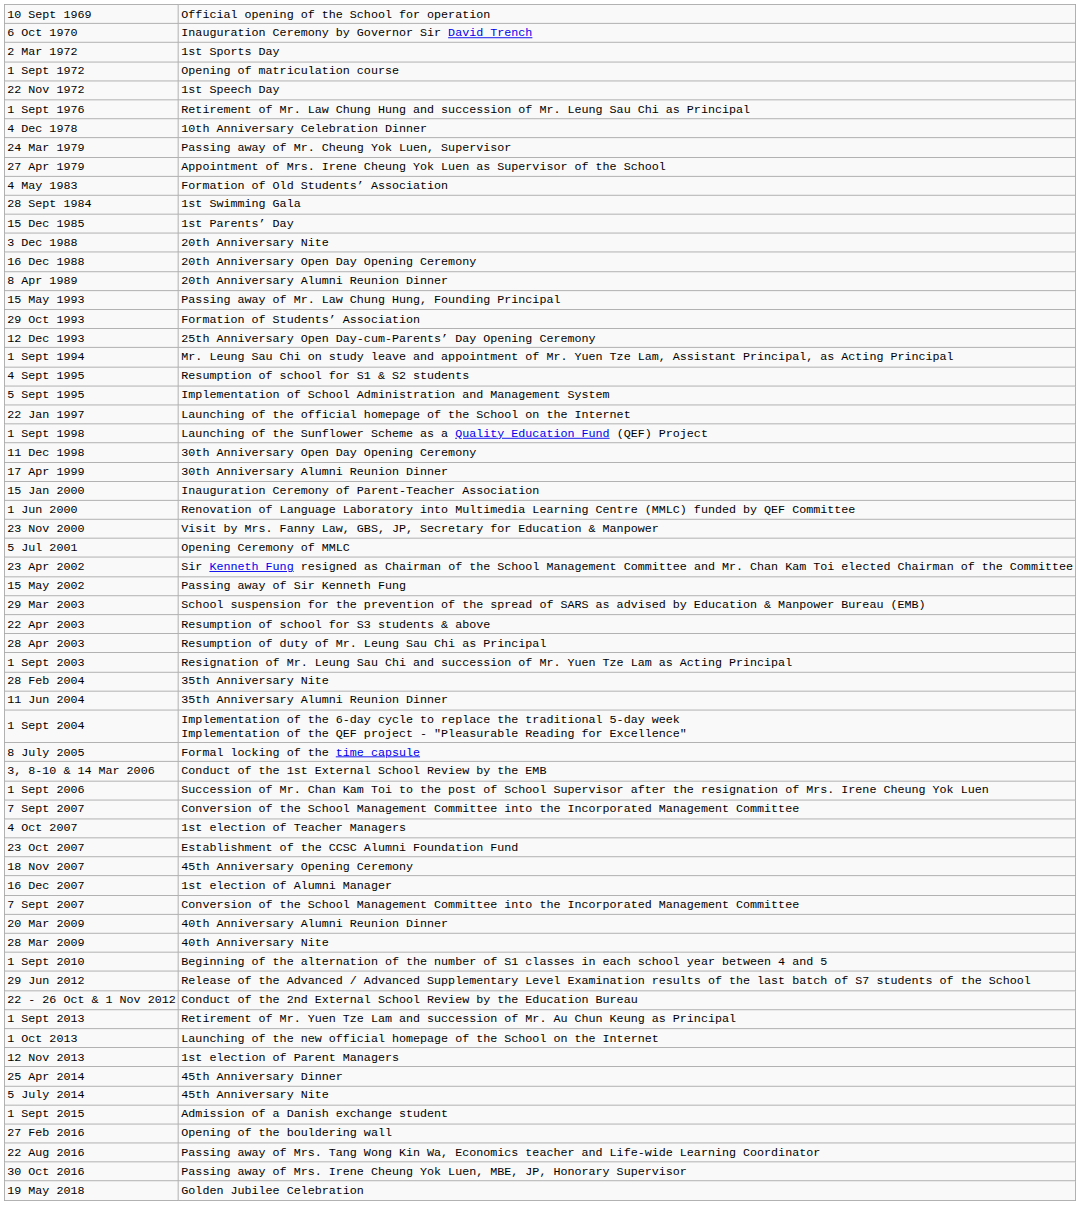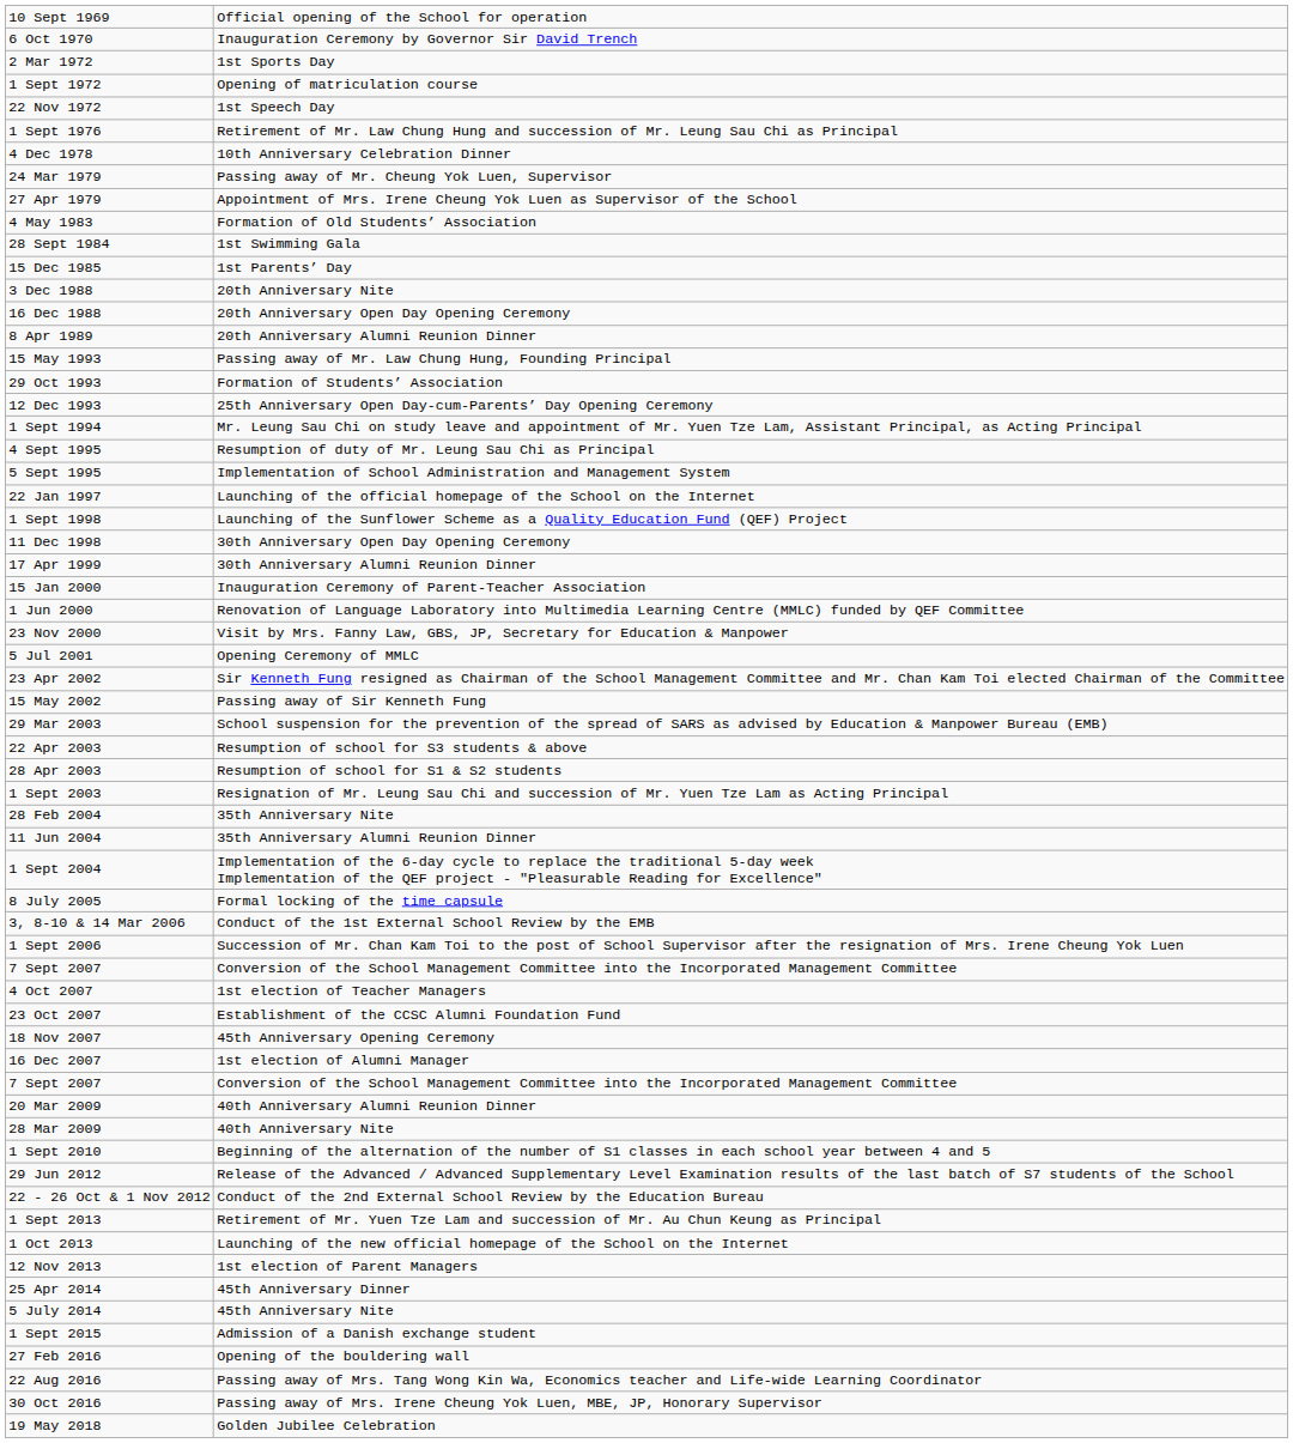 <table class="wikitable">
 <tr>
 <td>10 Sept 1969</td>
 <td>Official opening of the School for operation</td>
 </tr>
 <tr>
 <td>6 Oct 1970</td>
 <td>Inauguration Ceremony by Governor Sir <a href='#'>David Trench</a></td>
 </tr>
 <tr>
 <td>2 Mar 1972</td>
 <td>1st Sports Day</td>
 </tr>
 <tr>
 <td>1 Sept 1972</td>
 <td>Opening of matriculation course</td>
 </tr>
 <tr>
 <td>22 Nov 1972</td>
 <td>1st Speech Day</td>
 </tr>
 <tr>
 <td>1 Sept 1976</td>
 <td>Retirement of Mr. Law Chung Hung and succession of Mr. Leung Sau Chi as Principal</td>
 </tr>
 <tr>
 <td>4 Dec 1978</td>
 <td>10th Anniversary Celebration Dinner</td>
 </tr>
 <tr>
 <td>24 Mar 1979</td>
 <td>Passing away of Mr. Cheung Yok Luen, Supervisor</td>
 </tr>
 <tr>
 <td>27 Apr 1979</td>
 <td>Appointment of Mrs. Irene Cheung Yok Luen as Supervisor of the School</td>
 </tr>
 <tr>
 <td>4 May 1983</td>
 <td>Formation of Old Students’ Association</td>
 </tr>
 <tr>
 <td>28 Sept 1984</td>
 <td>1st Swimming Gala</td>
 </tr>
 <tr>
 <td>15 Dec 1985</td>
 <td>1st Parents’ Day</td>
 </tr>
 <tr>
 <td>3 Dec 1988</td>
 <td>20th Anniversary Nite</td>
 </tr>
 <tr>
 <td>16 Dec 1988</td>
 <td>20th Anniversary Open Day Opening Ceremony</td>
 </tr>
 <tr>
 <td>8 Apr 1989</td>
 <td>20th Anniversary Alumni Reunion Dinner</td>
 </tr>
 <tr>
 <td>15 May 1993</td>
 <td>Passing away of Mr. Law Chung Hung, Founding Principal</td>
 </tr>
 <tr>
 <td>29 Oct 1993</td>
 <td>Formation of Students’ Association</td>
 </tr>
 <tr>
 <td>12 Dec 1993</td>
 <td>25th Anniversary Open Day-cum-Parents’ Day Opening Ceremony</td>
 </tr>
 <tr>
 <td>1 Sept 1994</td>
 <td>Mr. Leung Sau Chi on study leave and appointment of Mr. Yuen Tze Lam, Assistant Principal, as Acting Principal</td>
 </tr>
 <tr>
 <td>4 Sept 1995</td>
-<td>Resumption of school for S1 & S2 students</td>
+<td>Resumption of duty of Mr. Leung Sau Chi as Principal</td>
 </tr>
 <tr>
 <td>5 Sept 1995</td>
 <td>Implementation of School Administration and Management System</td>
 </tr>
 <tr>
 <td>22 Jan 1997</td>
 <td>Launching of the official homepage of the School on the Internet</td>
 </tr>
 <tr>
 <td>1 Sept 1998</td>
 <td>Launching of the Sunflower Scheme as a <a href='#'>Quality Education Fund</a> (QEF) Project</td>
 </tr>
 <tr>
 <td>11 Dec 1998</td>
 <td>30th Anniversary Open Day Opening Ceremony</td>
 </tr>
 <tr>
 <td>17 Apr 1999</td>
 <td>30th Anniversary Alumni Reunion Dinner</td>
 </tr>
 <tr>
 <td>15 Jan 2000</td>
 <td>Inauguration Ceremony of Parent-Teacher Association</td>
 </tr>
 <tr>
 <td>1 Jun 2000</td>
 <td>Renovation of Language Laboratory into Multimedia Learning Centre (MMLC) funded by QEF Committee</td>
 </tr>
 <tr>
 <td>23 Nov 2000</td>
 <td>Visit by Mrs. Fanny Law, GBS, JP, Secretary for Education & Manpower</td>
 </tr>
 <tr>
 <td>5 Jul 2001</td>
 <td>Opening Ceremony of MMLC</td>
 </tr>
 <tr>
 <td>23 Apr 2002</td>
 <td>Sir <a href='#'>Kenneth Fung</a> resigned as Chairman of the School Management Committee and Mr. Chan Kam Toi elected Chairman of the Committee</td>
 </tr>
 <tr>
 <td>15 May 2002</td>
 <td>Passing away of Sir Kenneth Fung</td>
 </tr>
 <tr>
 <td>29 Mar 2003</td>
 <td>School suspension for the prevention of the spread of SARS as advised by Education & Manpower Bureau (EMB)</td>
 </tr>
 <tr>
 <td>22 Apr 2003</td>
 <td>Resumption of school for S3 students & above</td>
 </tr>
 <tr>
 <td>28 Apr 2003</td>
-<td>Resumption of duty of Mr. Leung Sau Chi as Principal</td>
+<td>Resumption of school for S1 & S2 students</td>
 </tr>
 <tr>
 <td>1 Sept 2003</td>
 <td>Resignation of Mr. Leung Sau Chi and succession of Mr. Yuen Tze Lam as Acting Principal</td>
 </tr>
 <tr>
 <td>28 Feb 2004</td>
 <td>35th Anniversary Nite</td>
 </tr>
 <tr>
 <td>11 Jun 2004</td>
 <td>35th Anniversary Alumni Reunion Dinner</td>
 </tr>
 <tr>
 <td>1 Sept 2004</td>
 <td>Implementation of the 6-day cycle to replace the traditional 5-day week<br>Implementation of the QEF project - "Pleasurable Reading for Excellence"</td>
 </tr>
 <tr>
 <td>8 July 2005</td>
 <td>Formal locking of the <a href='#'>time capsule</a></td>
 </tr>
 <tr>
 <td>3, 8-10 & 14 Mar 2006</td>
 <td>Conduct of the 1st External School Review by the EMB</td>
 </tr>
 <tr>
 <td>1 Sept 2006</td>
 <td>Succession of Mr. Chan Kam Toi to the post of School Supervisor after the resignation of Mrs. Irene Cheung Yok Luen</td>
 </tr>
 <tr>
 <td>7 Sept 2007</td>
 <td>Conversion of the School Management Committee into the Incorporated Management Committee</td>
 </tr>
 <tr>
 <td>4 Oct 2007</td>
 <td>1st election of Teacher Managers</td>
 </tr>
 <tr>
 <td>23 Oct 2007</td>
 <td>Establishment of the CCSC Alumni Foundation Fund</td>
 </tr>
 <tr>
 <td>18 Nov 2007</td>
 <td>45th Anniversary Opening Ceremony</td>
 </tr>
 <tr>
 <td>16 Dec 2007</td>
 <td>1st election of Alumni Manager</td>
 </tr>
 <tr>
 <td>7 Sept 2007</td>
 <td>Conversion of the School Management Committee into the Incorporated Management Committee</td>
 </tr>
 <tr>
 <td>20 Mar 2009</td>
 <td>40th Anniversary Alumni Reunion Dinner</td>
 </tr>
 <tr>
 <td>28 Mar 2009</td>
 <td>40th Anniversary Nite</td>
 </tr>
 <tr>
 <td>1 Sept 2010</td>
 <td>Beginning of the alternation of the number of S1 classes in each school year between 4 and 5</td>
 </tr>
 <tr>
 <td>29 Jun 2012</td>
 <td>Release of the Advanced / Advanced Supplementary Level Examination results of the last batch of S7 students of the School</td>
 </tr>
 <tr>
 <td>22 - 26 Oct & 1 Nov 2012</td>
 <td>Conduct of the 2nd External School Review by the Education Bureau</td>
 </tr>
 <tr>
 <td>1 Sept 2013</td>
 <td>Retirement of Mr. Yuen Tze Lam and succession of Mr. Au Chun Keung as Principal</td>
 </tr>
 <tr>
 <td>1 Oct 2013</td>
 <td>Launching of the new official homepage of the School on the Internet</td>
 </tr>
 <tr>
 <td>12 Nov 2013</td>
 <td>1st election of Parent Managers</td>
 </tr>
 <tr>
 <td>25 Apr 2014</td>
 <td>45th Anniversary Dinner</td>
 </tr>
 <tr>
 <td>5 July 2014</td>
 <td>45th Anniversary Nite</td>
 </tr>
 <tr>
 <td>1 Sept 2015</td>
 <td>Admission of a Danish exchange student</td>
 </tr>
 <tr>
 <td>27 Feb 2016</td>
 <td>Opening of the bouldering wall</td>
 </tr>
 <tr>
 <td>22 Aug 2016</td>
 <td>Passing away of Mrs. Tang Wong Kin Wa, Economics teacher and Life-wide Learning Coordinator</td>
 </tr>
 <tr>
 <td>30 Oct 2016</td>
 <td>Passing away of Mrs. Irene Cheung Yok Luen, MBE, JP, Honorary Supervisor</td>
 </tr>
 <tr>
 <td>19 May 2018</td>
 <td>Golden Jubilee Celebration</td>
 </tr>
 </table>
